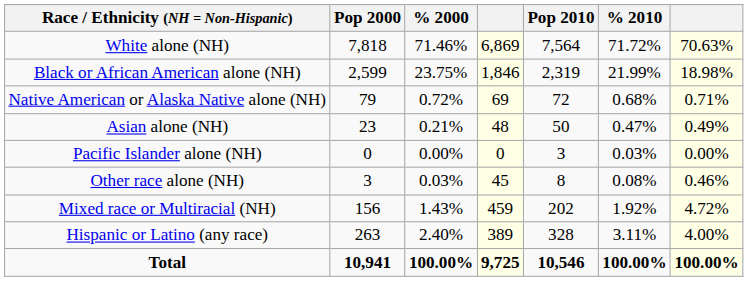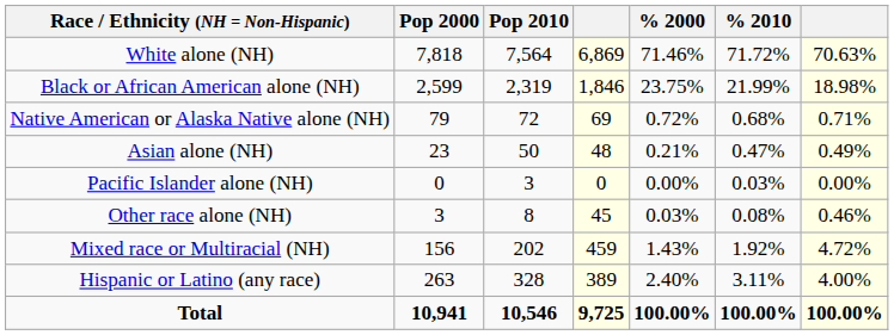 <table class="wikitable" style="text-align:center;">
 <tr>
 <th>Race / Ethnicity <small>(<em>NH = Non-Hispanic</em>)</small></th>
 <th>Pop 2000</th>
+<th>Pop 2010</th>
+<th></th>
 <th>% 2000</th>
-<th></th>
-<th>Pop 2010</th>
 <th>% 2010</th>
 <th></th>
 </tr>
 <tr>
 <td><a href='#'>White</a> alone (NH)</td>
 <td>7,818</td>
+<td>7,564</td>
+<td style='background: #ffffe6;'>6,869</td>
 <td>71.46%</td>
-<td style='background: #ffffe6;'>6,869</td>
-<td>7,564</td>
 <td>71.72%</td>
 <td style='background: #ffffe6;'>70.63%</td>
 </tr>
 <tr>
 <td><a href='#'>Black or African American</a> alone (NH)</td>
 <td>2,599</td>
+<td>2,319</td>
+<td style='background: #ffffe6;'>1,846</td>
 <td>23.75%</td>
-<td style='background: #ffffe6;'>1,846</td>
-<td>2,319</td>
 <td>21.99%</td>
 <td style='background: #ffffe6;'>18.98%</td>
 </tr>
 <tr>
 <td><a href='#'>Native American</a> or <a href='#'>Alaska Native</a> alone (NH)</td>
 <td>79</td>
+<td>72</td>
+<td style='background: #ffffe6;'>69</td>
 <td>0.72%</td>
-<td style='background: #ffffe6;'>69</td>
-<td>72</td>
 <td>0.68%</td>
 <td style='background: #ffffe6;'>0.71%</td>
 </tr>
 <tr>
 <td><a href='#'>Asian</a> alone (NH)</td>
 <td>23</td>
+<td>50</td>
+<td style='background: #ffffe6;'>48</td>
 <td>0.21%</td>
-<td style='background: #ffffe6;'>48</td>
-<td>50</td>
 <td>0.47%</td>
 <td style='background: #ffffe6;'>0.49%</td>
 </tr>
 <tr>
 <td><a href='#'>Pacific Islander</a> alone (NH)</td>
 <td>0</td>
+<td>3</td>
+<td style='background: #ffffe6;'>0</td>
 <td>0.00%</td>
-<td style='background: #ffffe6;'>0</td>
-<td>3</td>
 <td>0.03%</td>
 <td style='background: #ffffe6;'>0.00%</td>
 </tr>
 <tr>
 <td><a href='#'>Other race</a> alone (NH)</td>
 <td>3</td>
+<td>8</td>
+<td style='background: #ffffe6;'>45</td>
 <td>0.03%</td>
-<td style='background: #ffffe6;'>45</td>
-<td>8</td>
 <td>0.08%</td>
 <td style='background: #ffffe6;'>0.46%</td>
 </tr>
 <tr>
 <td><a href='#'>Mixed race or Multiracial</a> (NH)</td>
 <td>156</td>
+<td>202</td>
+<td style='background: #ffffe6;'>459</td>
 <td>1.43%</td>
-<td style='background: #ffffe6;'>459</td>
-<td>202</td>
 <td>1.92%</td>
 <td style='background: #ffffe6;'>4.72%</td>
 </tr>
 <tr>
 <td><a href='#'>Hispanic or Latino</a> (any race)</td>
 <td>263</td>
+<td>328</td>
+<td style='background: #ffffe6;'>389</td>
 <td>2.40%</td>
-<td style='background: #ffffe6;'>389</td>
-<td>328</td>
 <td>3.11%</td>
 <td style='background: #ffffe6;'>4.00%</td>
 </tr>
 <tr>
 <td><strong>Total</strong></td>
 <td><strong>10,941</strong></td>
+<td><strong>10,546</strong></td>
+<td style='background: #ffffe6;'><strong>9,725</strong></td>
 <td><strong>100.00%</strong></td>
-<td style='background: #ffffe6;'><strong>9,725</strong></td>
-<td><strong>10,546</strong></td>
 <td><strong>100.00%</strong></td>
 <td style='background: #ffffe6;'><strong>100.00%</strong></td>
 </tr>
 </table>
